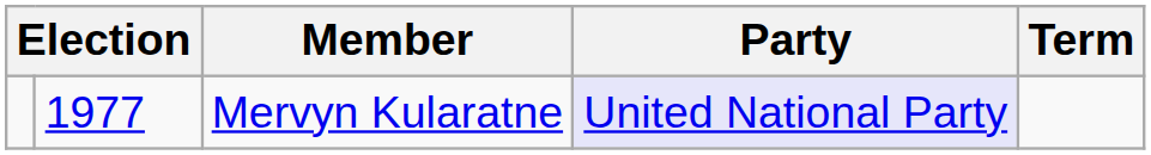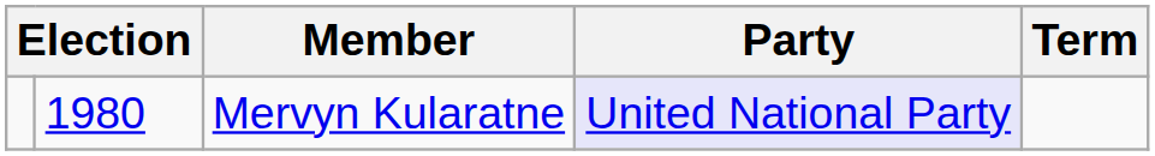 <table class="wikitable">
 <tr>
 <th colspan="2">Election</th>
 <th>Member</th>
 <th>Party</th>
 <th>Term</th>
 </tr>
 <tr>
 <td style="background-color: "></td>
-<td><a href='#'>1977</a></td>
+<td><a href='#'>1980</a></td>
 <td><a href='#'>Mervyn Kularatne</a></td>
 <td style="background: lavender;"><a href='#'>United National Party</a></td>
 <td></td>
 </tr>
 </table>
